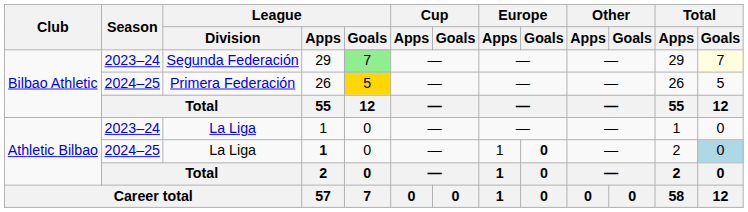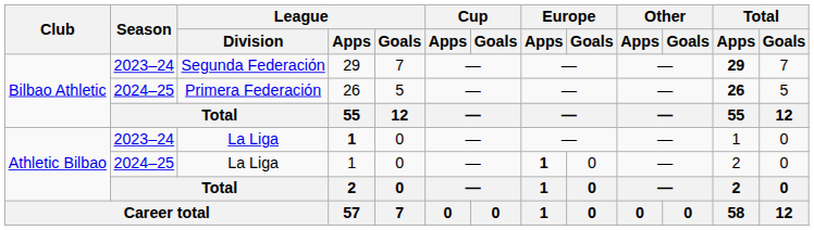 <table class="wikitable" style="text-align:center">
 <tr>
 <th rowspan="2">Club</th>
 <th rowspan="2">Season</th>
 <th colspan="3">League</th>
 <th colspan="2">Cup</th>
 <th colspan="2">Europe</th>
 <th colspan="2">Other</th>
 <th colspan="2">Total</th>
 </tr>
 <tr>
 <th>Division</th>
 <th>Apps</th>
 <th>Goals</th>
 <th>Apps</th>
 <th>Goals</th>
 <th>Apps</th>
 <th>Goals</th>
 <th>Apps</th>
 <th>Goals</th>
 <th>Apps</th>
 <th>Goals</th>
 </tr>
 <tr>
 <td rowspan="3"><a href='#'>Bilbao Athletic</a></td>
 <td><a href='#'>2023–24</a></td>
 <td><a href='#'>Segunda Federación</a></td>
 <td>29</td>
-<td style="background: lightgreen;">7</td>
+<td>7</td>
 <td colspan="2">—</td>
 <td colspan="2">—</td>
 <td colspan="2">—</td>
-<td>29</td>
-<td style="background: lightyellow;">7</td>
+<td><strong>29</strong></td>
+<td>7</td>
 </tr>
 <tr>
 <td><a href='#'>2024–25</a></td>
 <td><a href='#'>Primera Federación</a></td>
 <td>26</td>
-<td style="background: gold;">5</td>
+<td>5</td>
 <td colspan="2">—</td>
 <td colspan="2">—</td>
 <td colspan="2">—</td>
-<td>26</td>
+<td><strong>26</strong></td>
 <td>5</td>
 </tr>
 <tr>
 <th colspan="2">Total</th>
 <th>55</th>
 <th>12</th>
 <th colspan="2">—</th>
 <th colspan="2">—</th>
 <th colspan="2">—</th>
 <th>55</th>
 <th>12</th>
 </tr>
 <tr>
 <td rowspan="3"><a href='#'>Athletic Bilbao</a></td>
 <td><a href='#'>2023–24</a></td>
 <td><a href='#'>La Liga</a></td>
-<td>1</td>
+<td><strong>1</strong></td>
 <td>0</td>
 <td colspan="2">—</td>
 <td colspan="2">—</td>
 <td colspan="2">—</td>
 <td>1</td>
 <td>0</td>
 </tr>
 <tr>
 <td><a href='#'>2024–25</a></td>
 <td>La Liga</td>
+<td>1</td>
+<td>0</td>
+<td colspan="2">—</td>
 <td><strong>1</strong></td>
 <td>0</td>
 <td colspan="2">—</td>
-<td>1</td>
-<td><strong>0</strong></td>
-<td colspan="2">—</td>
 <td>2</td>
-<td style="background: lightblue;">0</td>
+<td>0</td>
 </tr>
 <tr>
 <th colspan="2">Total</th>
 <th>2</th>
 <th>0</th>
 <th colspan="2">—</th>
 <th>1</th>
 <th>0</th>
 <th colspan="2">—</th>
 <th>2</th>
 <th>0</th>
 </tr>
 <tr>
 <th colspan="3">Career total</th>
 <th>57</th>
 <th>7</th>
 <th>0</th>
 <th>0</th>
 <th>1</th>
 <th>0</th>
 <th>0</th>
 <th>0</th>
 <th>58</th>
 <th>12</th>
 </tr>
 </table>
